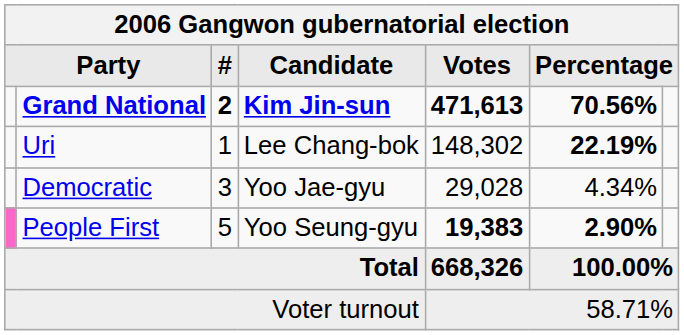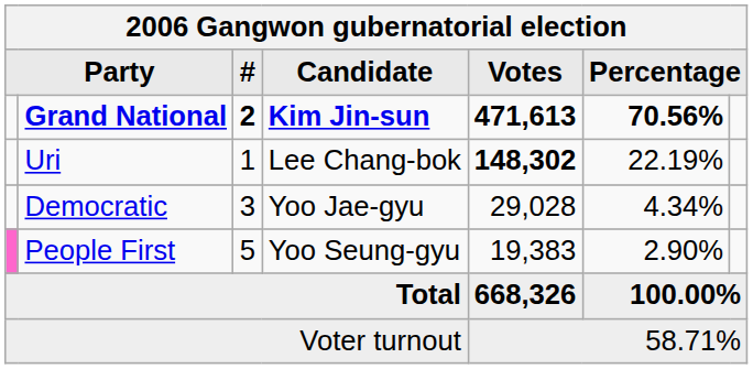 <table class="wikitable">
 <tr>
 <th colspan="7">2006 Gangwon gubernatorial election</th>
 </tr>
 <tr>
 <th style="background-color:#E9E9E9" colspan=2>Party</th>
 <th style="background-color:#E9E9E9">#</th>
 <th style="background-color:#E9E9E9">Candidate</th>
 <th style="background-color:#E9E9E9">Votes</th>
 <th style="background-color:#E9E9E9" colspan=2>Percentage</th>
 </tr>
 <tr style="font-weight:bold">
 <td></td>
 <td align=left><a href='#'>Grand National</a></td>
 <td align=center>2</td>
 <td align=left><a href='#'>Kim Jin-sun</a></td>
 <td align=right>471,613</td>
 <td align=right>70.56%</td>
 <td align=right></td>
 </tr>
 <tr>
 <td></td>
 <td align=left><a href='#'>Uri</a></td>
 <td align=center>1</td>
 <td align=left>Lee Chang-bok</td>
-<td align=right>148,302</td>
-<td align=right><strong>22.19%</strong></td>
+<td align=right><strong>148,302</strong></td>
+<td align=right>22.19%</td>
 <td align=right></td>
 </tr>
 <tr>
 <td></td>
 <td align=left><a href='#'>Democratic</a></td>
 <td align=center>3</td>
 <td align=left>Yoo Jae-gyu</td>
 <td align=right>29,028</td>
 <td align=right>4.34%</td>
 <td align=right></td>
 </tr>
 <tr>
 <td bgcolor="#FF66cc"></td>
 <td align=left><a href='#'>People First</a></td>
 <td align=center>5</td>
 <td align=left>Yoo Seung-gyu</td>
-<td align=right><strong>19,383</strong></td>
-<td align=right><strong>2.90%</strong></td>
+<td align=right>19,383</td>
+<td align=right>2.90%</td>
 <td align=right></td>
 </tr>
 <tr bgcolor="#EEEEEE" style="font-weight:bold">
 <td colspan="4" align=right>Total</td>
 <td align=right>668,326</td>
 <td align=right colspan=2>100.00%</td>
 </tr>
 <tr bgcolor="#EEEEEE">
 <td colspan="4" align="right">Voter turnout</td>
 <td colspan="3" align="right">58.71%</td>
 </tr>
 </table>
